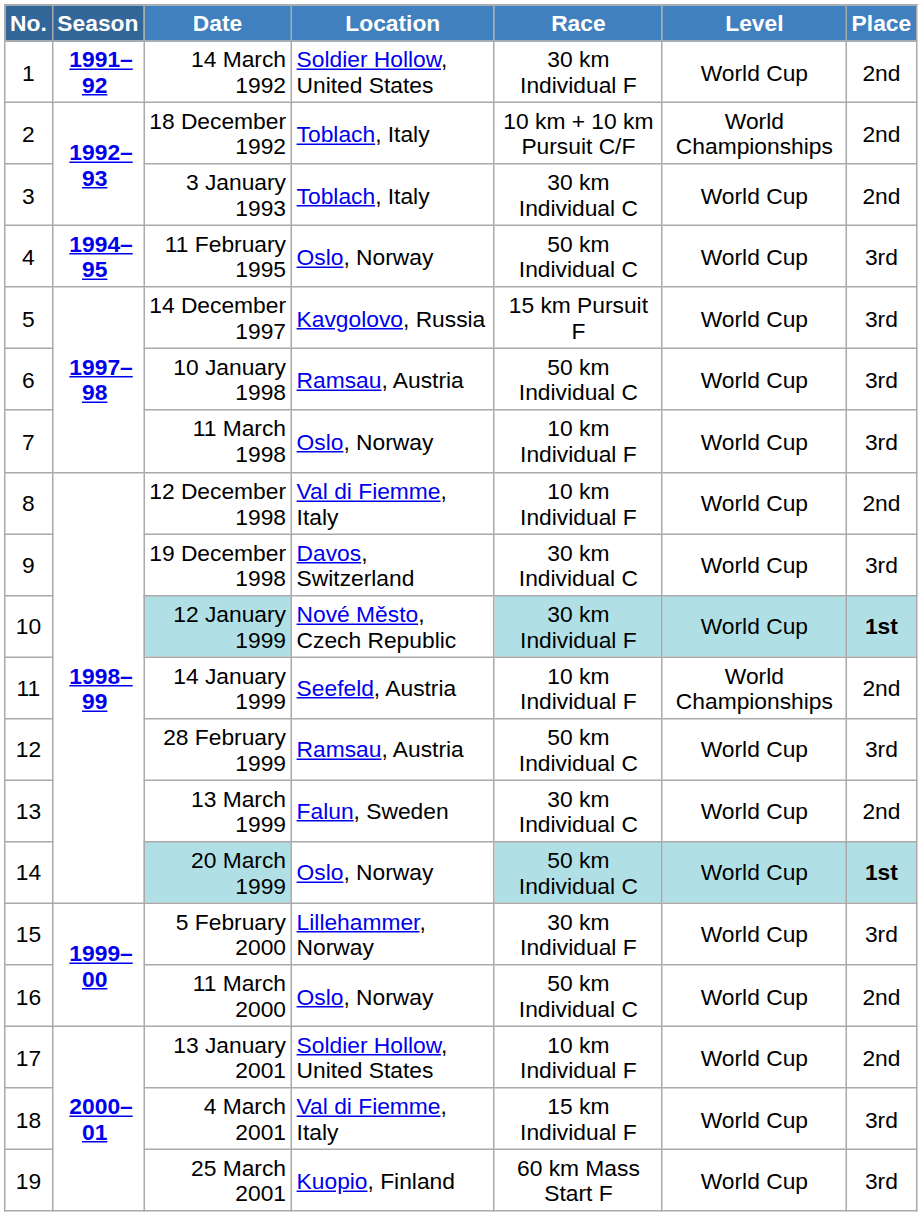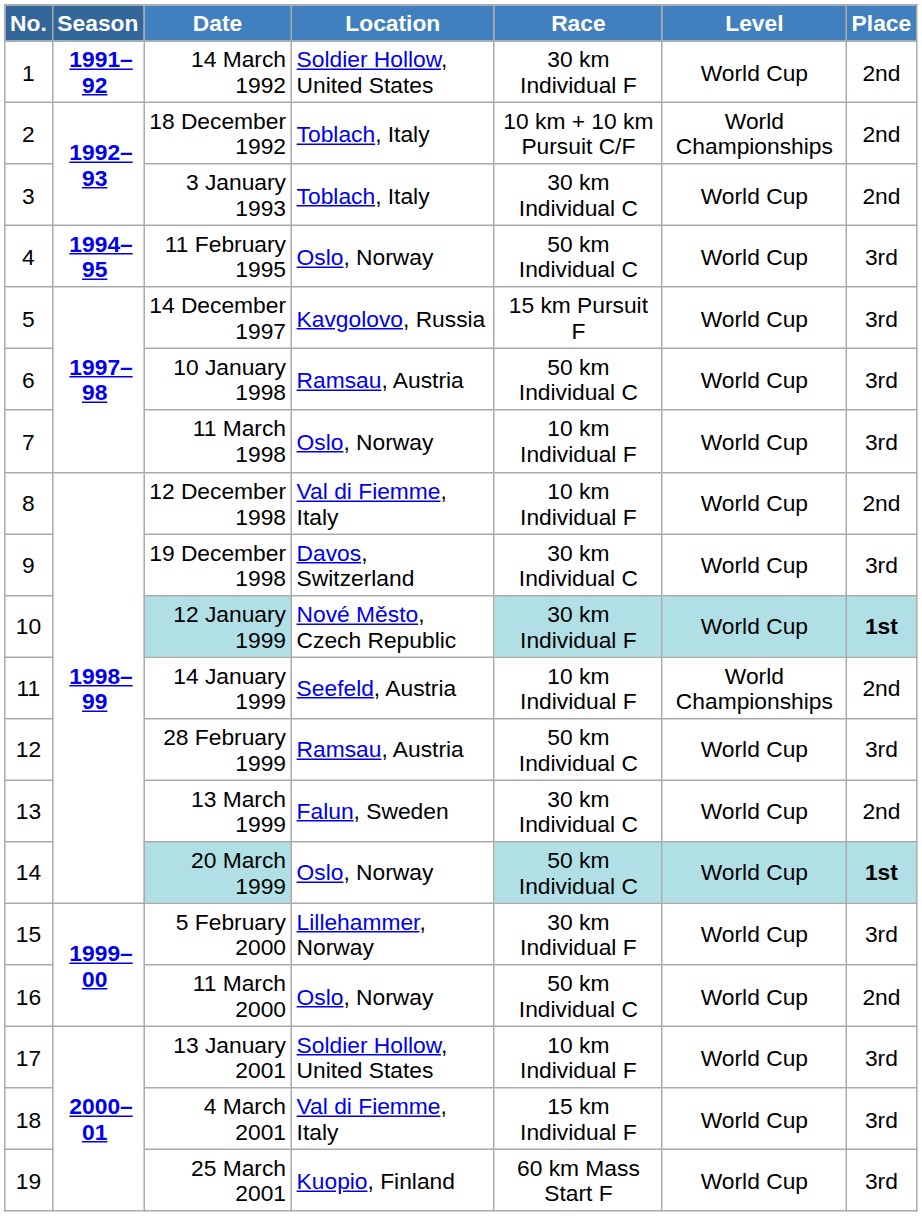 <table class="wikitable sortable" style="font-size:95%; text-align:center; border:grey solid 1px; border-collapse:collapse; background:#ffffff;">
 <tr style="background:#efefef;">
 <th style="background-color:#369; color:white;">No.</th>
 <th style="background-color:#369; color:white;">Season</th>
 <th style="background-color:#4180be; color:white; width:120px;">Date</th>
 <th style="background-color:#4180be; color:white; width:185px;">Location</th>
 <th style="background-color:#4180be; color:white; width:160px;">Race</th>
 <th style="background-color:#4180be; color:white; width:130px;">Level</th>
 <th style="background-color:#4180be; color:white;">Place</th>
 </tr>
 <tr>
 <td align=center>1</td>
 <td rowspan=1 align=center><strong> <a href='#'>1991–92</a> </strong></td>
 <td align=right>14 March 1992</td>
 <td align=left> <a href='#'>Soldier Hollow</a>, United States</td>
 <td>30 km Individual F</td>
 <td>World Cup</td>
 <td>2nd</td>
 </tr>
 <tr>
 <td align=center>2</td>
 <td rowspan=2 align=center><strong> <a href='#'>1992–93</a> </strong></td>
 <td align=right>18 December 1992</td>
 <td align=left> <a href='#'>Toblach</a>, Italy</td>
 <td>10 km + 10 km Pursuit C/F</td>
 <td>World Championships</td>
 <td>2nd</td>
 </tr>
 <tr>
 <td align=center>3</td>
 <td align=right>3 January 1993</td>
 <td align=left> <a href='#'>Toblach</a>, Italy</td>
 <td>30 km Individual C</td>
 <td>World Cup</td>
 <td>2nd</td>
 </tr>
 <tr>
 <td align=center>4</td>
 <td rowspan=1 align=center><strong> <a href='#'>1994–95</a> </strong></td>
 <td align=right>11 February 1995</td>
 <td align=left> <a href='#'>Oslo</a>, Norway</td>
 <td>50 km Individual C</td>
 <td>World Cup</td>
 <td>3rd</td>
 </tr>
 <tr>
 <td align=center>5</td>
 <td rowspan=3 align=center><strong> <a href='#'>1997–98</a> </strong></td>
 <td align=right>14 December 1997</td>
 <td align=left> <a href='#'>Kavgolovo</a>, Russia</td>
 <td>15 km Pursuit F</td>
 <td>World Cup</td>
 <td>3rd</td>
 </tr>
 <tr>
 <td align=center>6</td>
 <td align=right>10 January 1998</td>
 <td align=left> <a href='#'>Ramsau</a>, Austria</td>
 <td>50 km Individual C</td>
 <td>World Cup</td>
 <td>3rd</td>
 </tr>
 <tr>
 <td align=center>7</td>
 <td align=right>11 March 1998</td>
 <td align=left> <a href='#'>Oslo</a>, Norway</td>
 <td>10 km Individual F</td>
 <td>World Cup</td>
 <td>3rd</td>
 </tr>
 <tr>
 <td align=center>8</td>
 <td rowspan=7 align=center><strong> <a href='#'>1998–99</a> </strong></td>
 <td align=right>12 December 1998</td>
 <td align=left> <a href='#'>Val di Fiemme</a>, Italy</td>
 <td>10 km Individual F</td>
 <td>World Cup</td>
 <td>2nd</td>
 </tr>
 <tr>
 <td align=center>9</td>
 <td align=right>19 December 1998</td>
 <td align=left> <a href='#'>Davos</a>, Switzerland</td>
 <td>30 km Individual C</td>
 <td>World Cup</td>
 <td>3rd</td>
 </tr>
 <tr>
 <td align=center>10</td>
 <td bgcolor="#BOEOE6" align=right>12 January 1999</td>
 <td align=left> <a href='#'>Nové Město</a>, Czech Republic</td>
 <td bgcolor="#BOEOE6">30 km Individual F</td>
 <td bgcolor="#BOEOE6">World Cup</td>
 <td bgcolor="#BOEOE6"><strong>1st</strong></td>
 </tr>
 <tr>
 <td align=center>11</td>
 <td align=right>14 January 1999</td>
 <td align=left> <a href='#'>Seefeld</a>, Austria</td>
 <td>10 km Individual F</td>
 <td>World Championships</td>
 <td>2nd</td>
 </tr>
 <tr>
 <td align=center>12</td>
 <td align=right>28 February 1999</td>
 <td align=left> <a href='#'>Ramsau</a>, Austria</td>
 <td>50 km Individual C</td>
 <td>World Cup</td>
 <td>3rd</td>
 </tr>
 <tr>
 <td align=center>13</td>
 <td align=right>13 March 1999</td>
 <td align=left> <a href='#'>Falun</a>, Sweden</td>
 <td>30 km Individual C</td>
 <td>World Cup</td>
 <td>2nd</td>
 </tr>
 <tr>
 <td align=center>14</td>
 <td bgcolor="#BOEOE6" align=right>20 March 1999</td>
 <td align=left> <a href='#'>Oslo</a>, Norway</td>
 <td bgcolor="#BOEOE6">50 km Individual C</td>
 <td bgcolor="#BOEOE6">World Cup</td>
 <td bgcolor="#BOEOE6"><strong>1st</strong></td>
 </tr>
 <tr>
 <td align=center>15</td>
 <td rowspan=2 align=center><strong> <a href='#'>1999–00</a> </strong></td>
 <td align=right>5 February 2000</td>
 <td align=left> <a href='#'>Lillehammer</a>, Norway</td>
 <td>30 km Individual F</td>
 <td>World Cup</td>
 <td>3rd</td>
 </tr>
 <tr>
 <td align=center>16</td>
 <td align=right>11 March 2000</td>
 <td align=left> <a href='#'>Oslo</a>, Norway</td>
 <td>50 km Individual C</td>
 <td>World Cup</td>
 <td>2nd</td>
 </tr>
 <tr>
 <td align=center>17</td>
 <td rowspan=3 align=center><strong> <a href='#'>2000–01</a> </strong></td>
 <td align=right>13 January 2001</td>
 <td align=left> <a href='#'>Soldier Hollow</a>, United States</td>
 <td>10 km Individual F</td>
 <td>World Cup</td>
-<td>2nd</td>
+<td>3rd</td>
 </tr>
 <tr>
 <td align=center>18</td>
 <td align=right>4 March 2001</td>
 <td align=left> <a href='#'>Val di Fiemme</a>, Italy</td>
 <td>15 km Individual F</td>
 <td>World Cup</td>
 <td>3rd</td>
 </tr>
 <tr>
 <td align=center>19</td>
 <td align=right>25 March 2001</td>
 <td align=left> <a href='#'>Kuopio</a>, Finland</td>
 <td>60 km Mass Start F</td>
 <td>World Cup</td>
 <td>3rd</td>
 </tr>
 </table>
